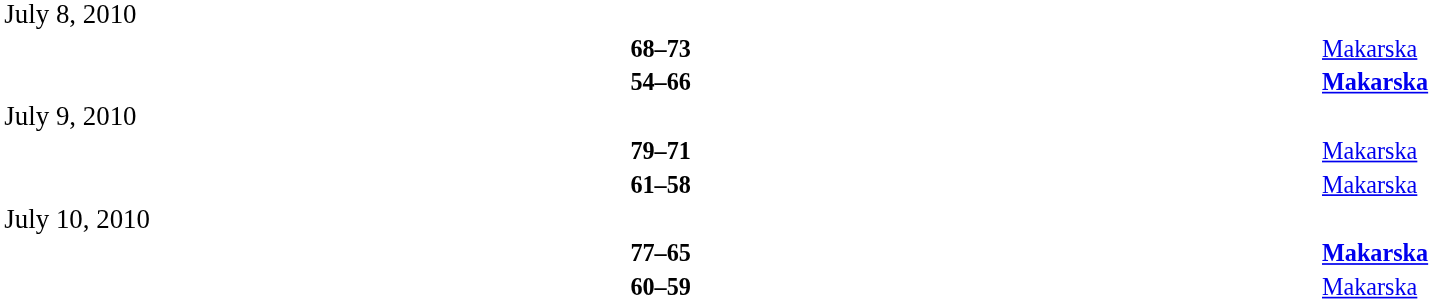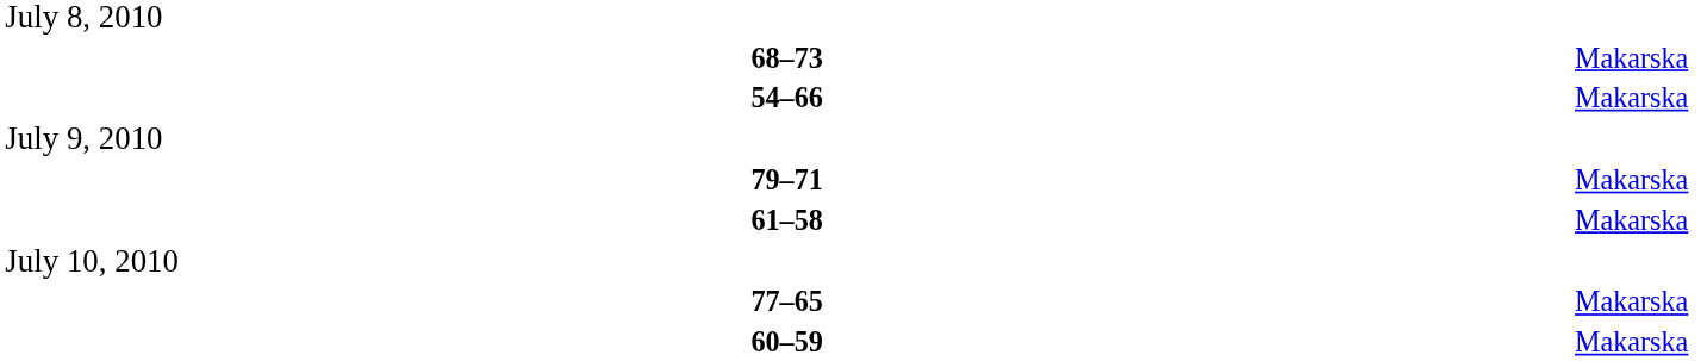 <table style="width:100%;" cellspacing="1">
 <tr>
 <th width=25%></th>
 <th width=3%></th>
 <th width=6%></th>
 <th width=3%></th>
 <th width=25%></th>
 </tr>
 <tr>
 <td>July 8, 2010</td>
 </tr>
 <tr style=font-size:90%>
 <td align=right><strong></strong></td>
 <td></td>
 <td align=center><strong>68–73</strong></td>
 <td></td>
 <td><strong></strong></td>
 <td><a href='#'>Makarska</a></td>
 </tr>
 <tr style=font-size:90%>
 <td align=right><strong></strong></td>
 <td></td>
 <td align=center><strong>54–66</strong></td>
 <td></td>
 <td><strong></strong></td>
-<td><strong><a href='#'>Makarska</a></strong></td>
+<td><a href='#'>Makarska</a></td>
 </tr>
 <tr>
 <td>July 9, 2010</td>
 </tr>
 <tr style=font-size:90%>
 <td align=right><strong></strong></td>
 <td></td>
 <td align=center><strong>79–71</strong></td>
 <td></td>
 <td><strong></strong></td>
 <td><a href='#'>Makarska</a></td>
 </tr>
 <tr style=font-size:90%>
 <td align=right><strong></strong></td>
 <td></td>
 <td align=center><strong>61–58</strong></td>
 <td></td>
 <td><strong></strong></td>
 <td><a href='#'>Makarska</a></td>
 </tr>
 <tr>
 <td>July 10, 2010</td>
 </tr>
 <tr style=font-size:90%>
 <td align=right><strong></strong></td>
 <td></td>
 <td align=center><strong>77–65</strong></td>
 <td></td>
 <td><strong></strong></td>
-<td><strong><a href='#'>Makarska</a></strong></td>
+<td><a href='#'>Makarska</a></td>
 </tr>
 <tr style=font-size:90%>
 <td align=right><strong></strong></td>
 <td></td>
 <td align=center><strong>60–59</strong></td>
 <td></td>
 <td><strong></strong></td>
 <td><a href='#'>Makarska</a></td>
 </tr>
 </table>
